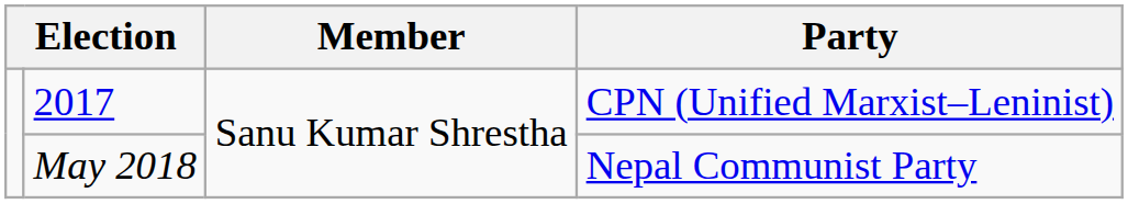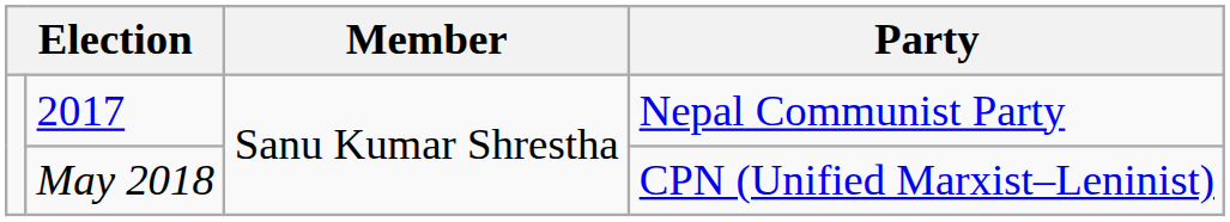 <table class="wikitable">
 <tr>
 <th colspan="2">Election</th>
 <th>Member</th>
 <th>Party</th>
 </tr>
 <tr>
 <td rowspan="2" style="color:inherit;background:"></td>
 <td><a href='#'>2017</a></td>
 <td rowspan="2">Sanu Kumar Shrestha</td>
-<td><a href='#'>CPN (Unified Marxist–Leninist)</a></td>
+<td><a href='#'>Nepal Communist Party</a></td>
 </tr>
 <tr>
 <td><em>May 2018</em></td>
-<td><a href='#'>Nepal Communist Party</a></td>
+<td><a href='#'>CPN (Unified Marxist–Leninist)</a></td>
 </tr>
 </table>
